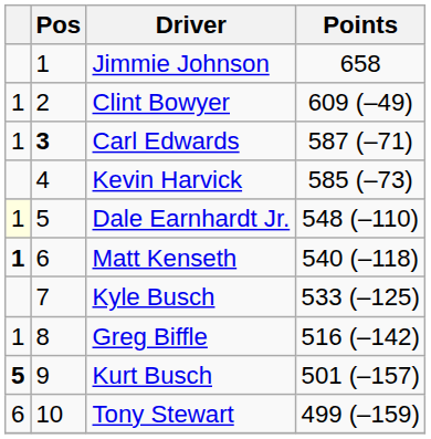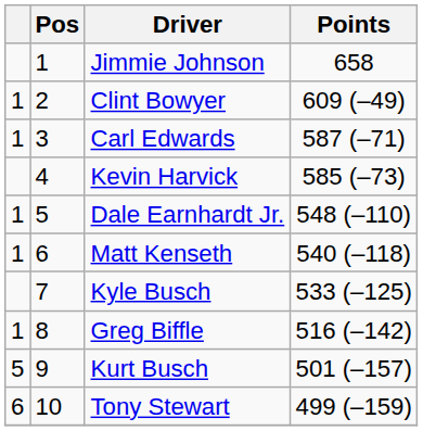 <table class="wikitable " style="font-size: 95%;">
 <tr>
 <th></th>
 <th>Pos</th>
 <th>Driver</th>
 <th>Points</th>
 </tr>
 <tr>
 <td align="left"></td>
 <td>1</td>
 <td><a href='#'>Jimmie Johnson</a></td>
 <td style="text-align:center;">658</td>
 </tr>
 <tr>
 <td align="left"> 1</td>
 <td>2</td>
 <td><a href='#'>Clint Bowyer</a></td>
 <td style="text-align:center;">609 (–49)</td>
 </tr>
 <tr>
 <td align="left"> 1</td>
-<td><strong>3</strong></td>
+<td>3</td>
 <td><a href='#'>Carl Edwards</a></td>
 <td style="text-align:center;">587 (–71)</td>
 </tr>
 <tr>
 <td align="left"></td>
 <td>4</td>
 <td><a href='#'>Kevin Harvick</a></td>
 <td style="text-align:center;">585 (–73)</td>
 </tr>
 <tr>
-<td align="left" style="background: lightyellow;"> 1</td>
+<td align="left"> 1</td>
 <td>5</td>
 <td><a href='#'>Dale Earnhardt Jr.</a></td>
 <td style="text-align:center;">548 (–110)</td>
 </tr>
 <tr>
-<td align="left"><strong> 1</strong></td>
+<td align="left"> 1</td>
 <td>6</td>
 <td><a href='#'>Matt Kenseth</a></td>
 <td style="text-align:center;">540 (–118)</td>
 </tr>
 <tr>
 <td align="left"></td>
 <td>7</td>
 <td><a href='#'>Kyle Busch</a></td>
 <td style="text-align:center;">533 (–125)</td>
 </tr>
 <tr>
 <td align="left"> 1</td>
 <td>8</td>
 <td><a href='#'>Greg Biffle</a></td>
 <td style="text-align:center;">516 (–142)</td>
 </tr>
 <tr>
-<td align="left"><strong> 5</strong></td>
+<td align="left"> 5</td>
 <td>9</td>
 <td><a href='#'>Kurt Busch</a></td>
 <td style="text-align:center;">501 (–157)</td>
 </tr>
 <tr>
 <td align="left"> 6</td>
 <td>10</td>
 <td><a href='#'>Tony Stewart</a></td>
 <td style="text-align:center;">499 (–159)</td>
 </tr>
 <tr>
 </tr>
 </table>
